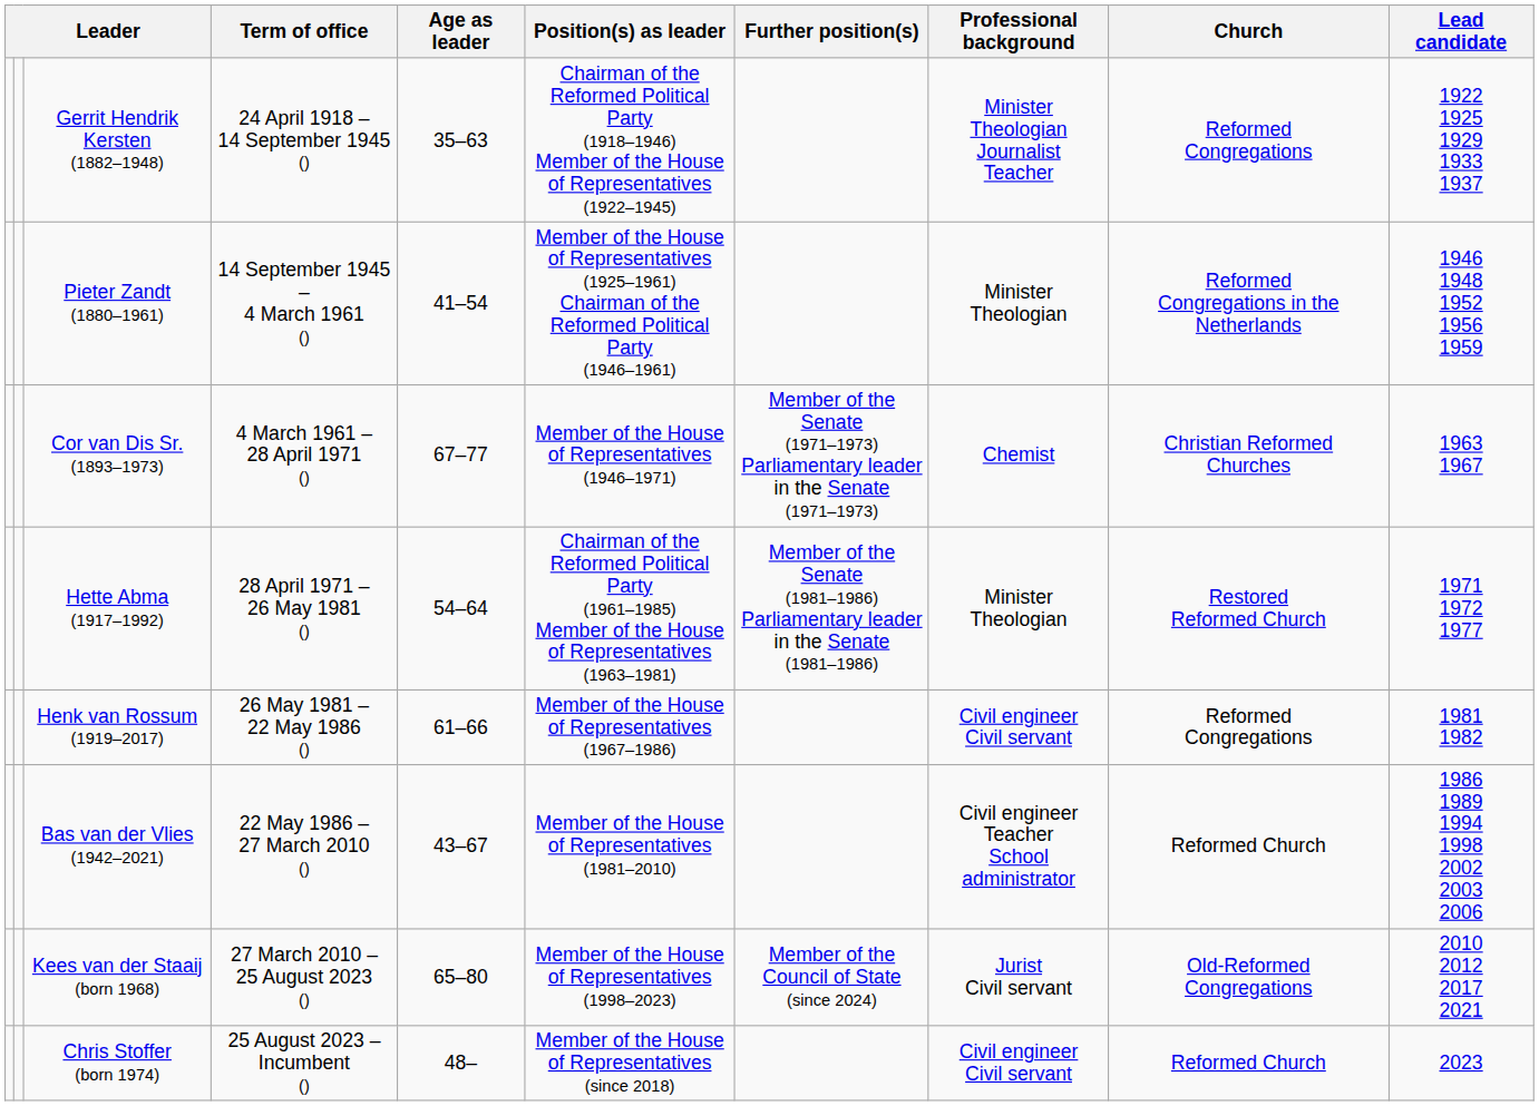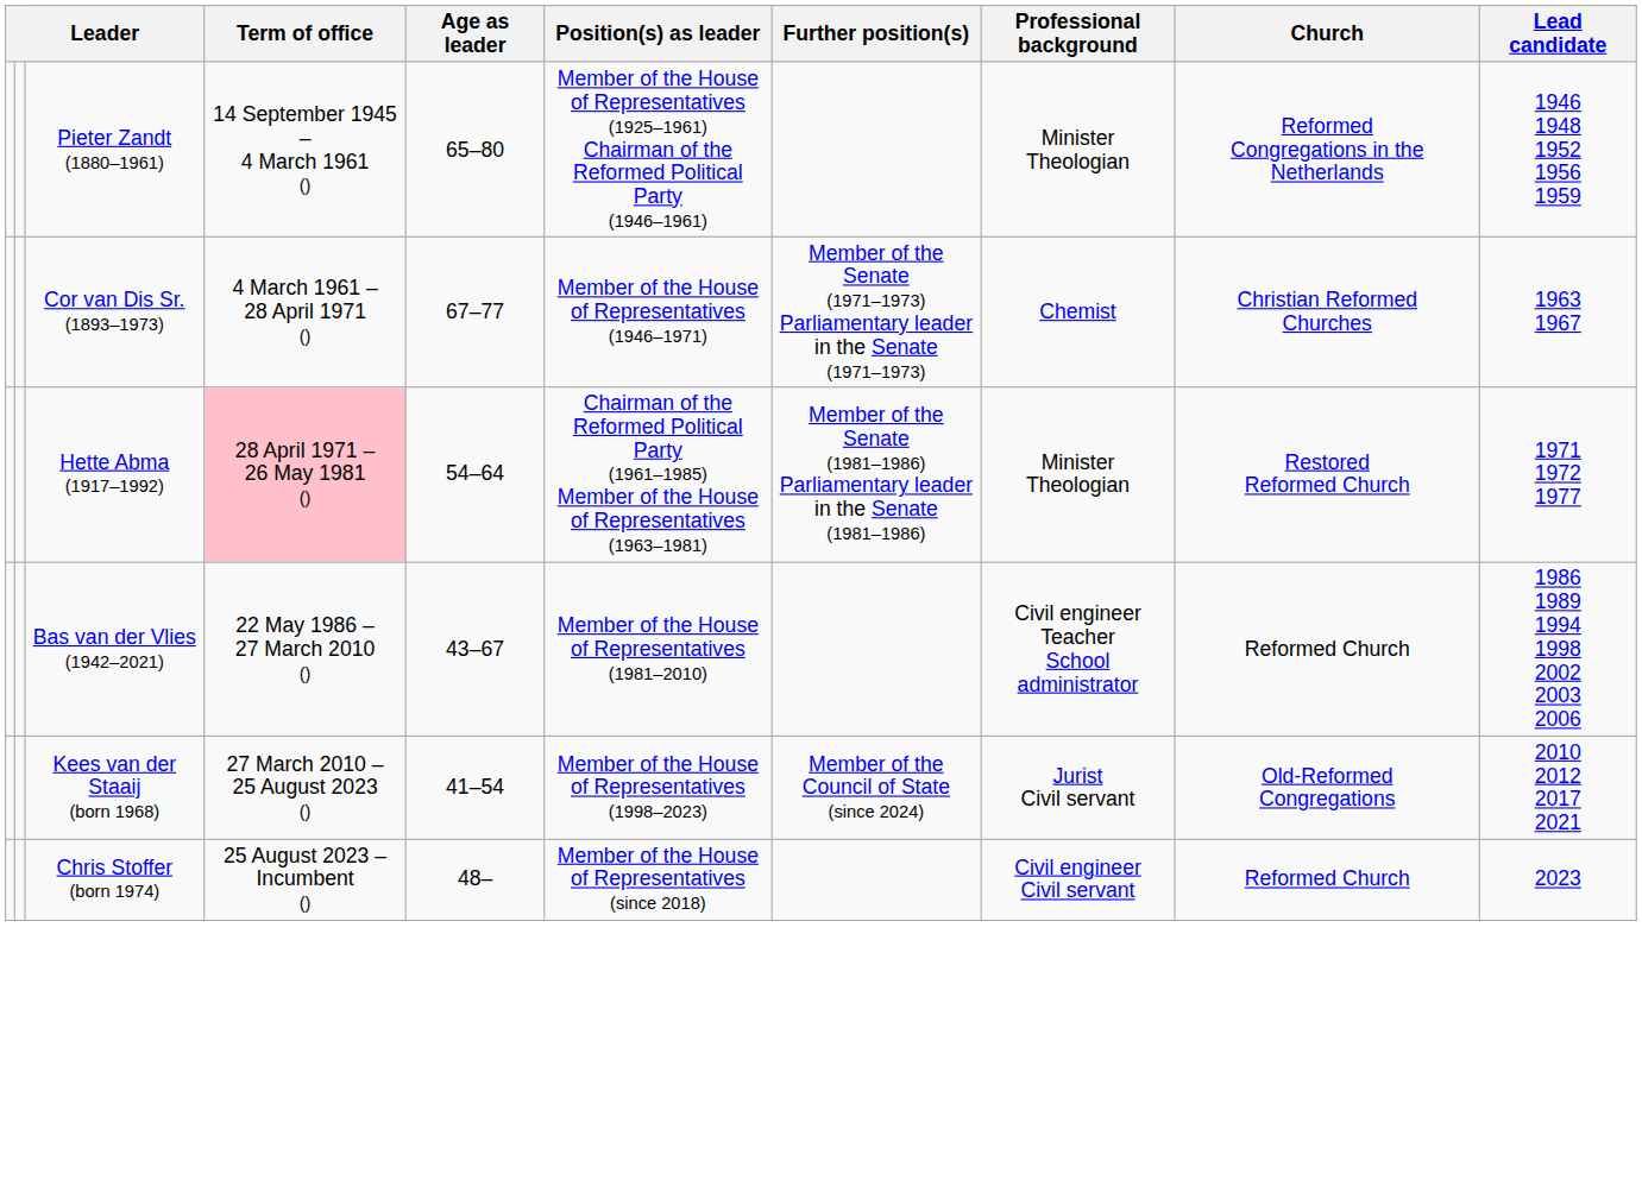 <table class="wikitable" style="text-align:center">
 <tr>
 <th colspan=3>Leader</th>
 <th>Term of office</th>
 <th>Age as leader</th>
 <th>Position(s) as leader</th>
 <th>Further position(s)</th>
 <th>Professional <br> background</th>
 <th>Church</th>
 <th><a href='#'>Lead candidate</a></th>
 </tr>
 <tr>
 <td style="background:"></td>
 <td></td>
-<td><a href='#'>Gerrit Hendrik Kersten</a> <br> <small>(1882–1948)</small></td>
-<td>24 April 1918 – <br> 14 September 1945 <br> <small>()</small> </td>
-<td>35–63</td>
-<td><a href='#'>Chairman of the <br> Reformed Political Party</a> <br> <small>(1918–1946)</small> <br> <a href='#'>Member of the House <br> of Representatives</a> <br> <small>(1922–1945)</small></td>
-<td></td>
-<td><a href='#'>Minister</a> <br> <a href='#'>Theologian</a> <br> <a href='#'>Journalist</a> <br> <a href='#'>Teacher</a></td>
-<td><a href='#'>Reformed <br> Congregations</a></td>
-<td><a href='#'>1922</a><br><a href='#'>1925</a><br><a href='#'>1929</a><br><a href='#'>1933</a><br><a href='#'>1937</a></td>
-</tr>
-<tr>
-<td style="background:"></td>
-<td></td>
 <td><a href='#'>Pieter Zandt</a> <br> <small>(1880–1961)</small></td>
 <td>14 September 1945 – <br> 4 March 1961 <br> <small>()</small>  <br> </td>
-<td>41–54</td>
+<td>65–80</td>
 <td><a href='#'>Member of the House <br> of Representatives</a> <br> <small>(1925–1961)</small> <br> <a href='#'>Chairman of the <br> Reformed Political Party</a> <br> <small>(1946–1961)</small></td>
 <td></td>
 <td>Minister <br> Theologian</td>
 <td><a href='#'>Reformed <br> Congregations in the Netherlands</a></td>
 <td><a href='#'>1946</a><br><a href='#'>1948</a><br><a href='#'>1952</a><br><a href='#'>1956</a><br><a href='#'>1959</a></td>
 </tr>
 <tr>
 <td style="background:"></td>
 <td></td>
 <td><a href='#'>Cor van Dis Sr.</a> <br> <small>(1893–1973)</small></td>
 <td>4 March 1961 – <br> 28 April 1971 <br> <small>()</small> </td>
 <td>67–77</td>
 <td><a href='#'>Member of the House <br> of Representatives</a> <br> <small>(1946–1971)</small></td>
 <td><a href='#'>Member of the Senate</a> <br> <small>(1971–1973)</small> <br> <a href='#'>Parliamentary leader</a> <br> in the <a href='#'>Senate</a> <br> <small>(1971–1973)</small></td>
 <td><a href='#'>Chemist</a></td>
 <td><a href='#'>Christian Reformed <br> Churches</a></td>
 <td><a href='#'>1963</a><br><a href='#'>1967</a></td>
 </tr>
 <tr>
 <td style="background:"></td>
 <td></td>
 <td><a href='#'>Hette Abma</a> <br> <small>(1917–1992)</small></td>
-<td>28 April 1971 – <br> 26 May 1981 <br> <small>()</small> </td>
+<td style="background: pink;">28 April 1971 – <br> 26 May 1981 <br> <small>()</small> </td>
 <td>54–64</td>
 <td><a href='#'>Chairman of the <br> Reformed Political Party</a> <br> <small>(1961–1985)</small> <br> <a href='#'>Member of the House <br> of Representatives</a> <br> <small>(1963–1981)</small></td>
 <td><a href='#'>Member of the Senate</a> <br> <small>(1981–1986)</small> <br> <a href='#'>Parliamentary leader</a> <br> in the <a href='#'>Senate</a> <br> <small>(1981–1986)</small></td>
 <td>Minister <br> Theologian</td>
 <td><a href='#'>Restored <br> Reformed Church</a></td>
 <td><a href='#'>1971</a><br><a href='#'>1972</a><br><a href='#'>1977</a></td>
-</tr>
-<tr>
-<td style="background:"></td>
-<td></td>
-<td><a href='#'>Henk van Rossum</a> <br> <small>(1919–2017)</small></td>
-<td>26 May 1981 – <br> 22 May 1986 <br> <small>()</small> </td>
-<td>61–66</td>
-<td><a href='#'>Member of the House <br> of Representatives</a> <br> <small>(1967–1986)</small></td>
-<td></td>
-<td><a href='#'>Civil engineer</a> <br> <a href='#'>Civil servant</a></td>
-<td>Reformed <br> Congregations</td>
-<td><a href='#'>1981</a><br><a href='#'>1982</a></td>
 </tr>
 <tr>
 <td style="background:"></td>
 <td></td>
 <td><a href='#'>Bas van der Vlies</a> <br> <small>(1942–2021)</small></td>
 <td>22 May 1986 – <br> 27 March 2010 <br> <small>()</small> </td>
 <td>43–67</td>
 <td><a href='#'>Member of the House <br> of Representatives</a> <br> <small>(1981–2010)</small></td>
 <td></td>
 <td>Civil engineer <br> Teacher <br> <a href='#'>School administrator</a></td>
 <td>Reformed Church</td>
 <td><a href='#'>1986</a><br><a href='#'>1989</a><br><a href='#'>1994</a><br><a href='#'>1998</a><br><a href='#'>2002</a><br><a href='#'>2003</a><br><a href='#'>2006</a></td>
 </tr>
 <tr>
 <td style="background:"></td>
 <td></td>
 <td><a href='#'>Kees van der Staaij</a> <br> <small>(born 1968)</small></td>
 <td>27 March 2010 – <br> 25 August 2023 <br> <small>()</small> </td>
-<td>65–80</td>
+<td>41–54</td>
 <td><a href='#'>Member of the House <br> of Representatives</a> <br> <small>(1998–2023)</small></td>
 <td><a href='#'>Member of the <br> Council of State</a> <br> <small>(since 2024)</small></td>
 <td><a href='#'>Jurist</a> <br> Civil servant</td>
 <td><a href='#'>Old-Reformed <br> Congregations</a></td>
 <td><a href='#'>2010</a><br><a href='#'>2012</a><br><a href='#'>2017</a><br><a href='#'>2021</a></td>
 </tr>
 <tr>
 <td style="background:"></td>
 <td></td>
 <td><a href='#'>Chris Stoffer</a> <br> <small>(born 1974)</small></td>
 <td>25 August 2023 – <br> Incumbent <br> <small>()</small> </td>
 <td>48–<em></em></td>
 <td><a href='#'>Member of the House <br> of Representatives</a> <br> <small>(since 2018)</small></td>
 <td></td>
 <td><a href='#'>Civil engineer</a> <br> <a href='#'>Civil servant</a></td>
 <td><a href='#'>Reformed Church</a></td>
 <td><a href='#'>2023</a></td>
 </tr>
 </table>
